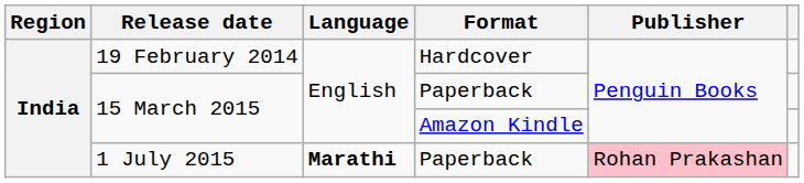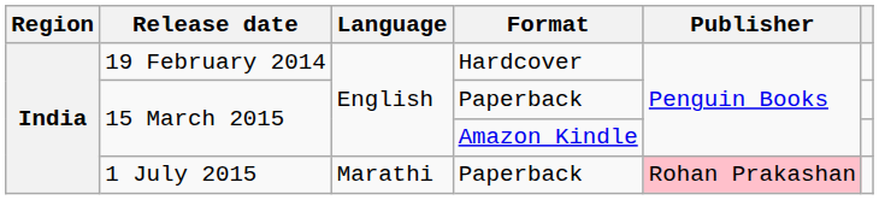 <table class="wikitable sortable plainrowheaders">
 <tr>
 <th scope="col">Region</th>
 <th scope="col">Release date</th>
 <th scope="col">Language</th>
 <th scope="col">Format</th>
 <th scope="col">Publisher</th>
 <th scope="col"></th>
 </tr>
 <tr>
 <th scope="row" rowspan="4">India</th>
 <td>19 February 2014</td>
 <td rowspan="3">English</td>
 <td>Hardcover</td>
 <td rowspan="3"><a href='#'>Penguin Books</a></td>
 <td style="text-align: center;"></td>
 </tr>
 <tr>
 <td rowspan="2">15 March 2015</td>
 <td>Paperback</td>
 <td style="text-align: center;"></td>
 </tr>
 <tr>
 <td><a href='#'>Amazon Kindle</a></td>
 <td style="text-align: center;"></td>
 </tr>
 <tr>
 <td>1 July 2015</td>
-<td><strong>Marathi</strong></td>
+<td>Marathi</td>
 <td>Paperback</td>
 <td style="background: pink;">Rohan Prakashan</td>
 <td style="text-align: center;"></td>
 </tr>
 </table>
